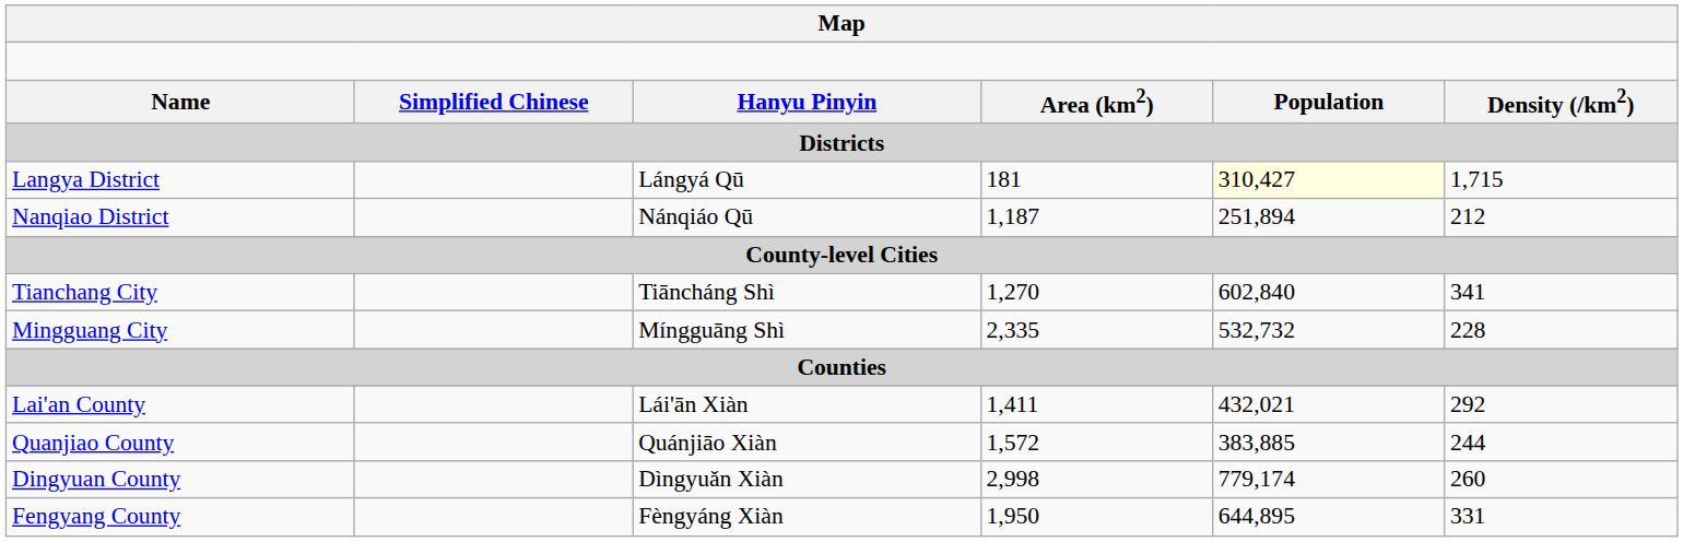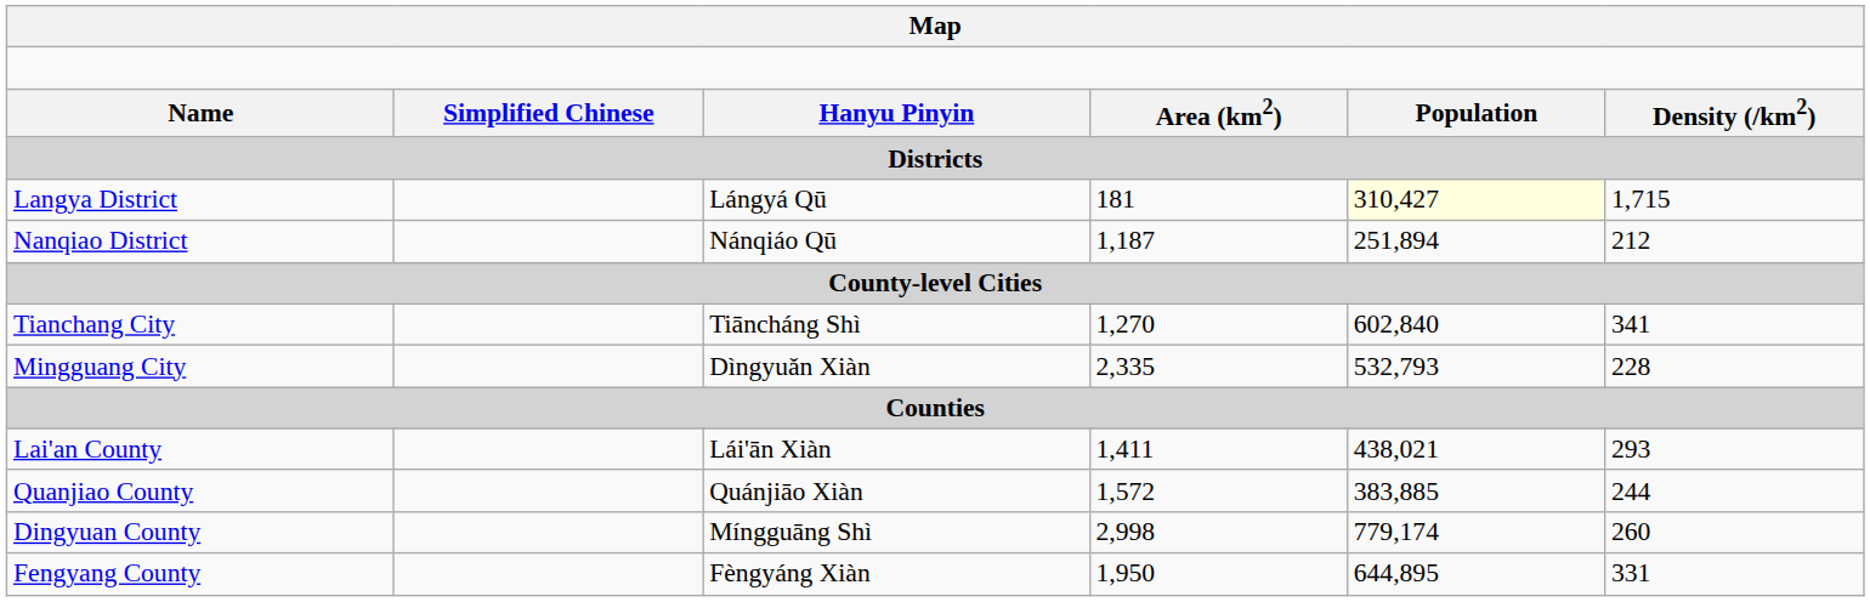 <table class="wikitable" style="font-size:100%; margin:auto;">
 <tr>
 <th colspan=6>Map</th>
 </tr>
 <tr>
 <td colspan=6><div><br>           </div></td>
 </tr>
 <tr>
 <th width=15%>Name</th>
 <th width=12%><a href='#'>Simplified Chinese</a></th>
 <th width=15%><a href='#'>Hanyu Pinyin</a></th>
 <th width=10%>Area (km<sup>2</sup>)</th>
 <th width=10%>Population</th>
 <th width=10%>Density (/km<sup>2</sup>)</th>
 </tr>
 <tr>
 <td colspan="7" align="center" bgcolor="#D3D3D3"><strong>Districts</strong></td>
 </tr>
 <tr>
 <td><a href='#'>Langya District</a></td>
 <td></td>
 <td>Lángyá Qū</td>
 <td>181</td>
 <td style="background: lightyellow;">310,427</td>
 <td>1,715</td>
 </tr>
 <tr>
 <td><a href='#'>Nanqiao District</a></td>
 <td></td>
 <td>Nánqiáo Qū</td>
 <td>1,187</td>
 <td>251,894</td>
 <td>212</td>
 </tr>
 <tr>
 <td colspan="7" align="center" bgcolor="#D3D3D3"><strong>County-level Cities</strong></td>
 </tr>
 <tr>
 <td><a href='#'>Tianchang City</a></td>
 <td></td>
 <td>Tiāncháng Shì</td>
 <td>1,270</td>
 <td>602,840</td>
 <td>341</td>
 </tr>
 <tr>
 <td><a href='#'>Mingguang City</a></td>
 <td></td>
-<td>Míngguāng Shì</td>
+<td>Dìngyuǎn Xiàn</td>
 <td>2,335</td>
-<td>532,732</td>
+<td>532,793</td>
 <td>228</td>
 </tr>
 <tr>
 <td colspan="7" align="center" bgcolor="#D3D3D3"><strong>Counties</strong></td>
 </tr>
 <tr>
 <td><a href='#'>Lai'an County</a></td>
 <td></td>
 <td>Lái'ān Xiàn</td>
 <td>1,411</td>
-<td>432,021</td>
-<td>292</td>
+<td>438,021</td>
+<td>293</td>
 </tr>
 <tr>
 <td><a href='#'>Quanjiao County</a></td>
 <td></td>
 <td>Quánjiāo Xiàn</td>
 <td>1,572</td>
 <td>383,885</td>
 <td>244</td>
 </tr>
 <tr>
 <td><a href='#'>Dingyuan County</a></td>
 <td></td>
-<td>Dìngyuǎn Xiàn</td>
+<td>Míngguāng Shì</td>
 <td>2,998</td>
 <td>779,174</td>
 <td>260</td>
 </tr>
 <tr>
 <td><a href='#'>Fengyang County</a></td>
 <td></td>
 <td>Fèngyáng Xiàn</td>
 <td>1,950</td>
 <td>644,895</td>
 <td>331</td>
 </tr>
 </table>
